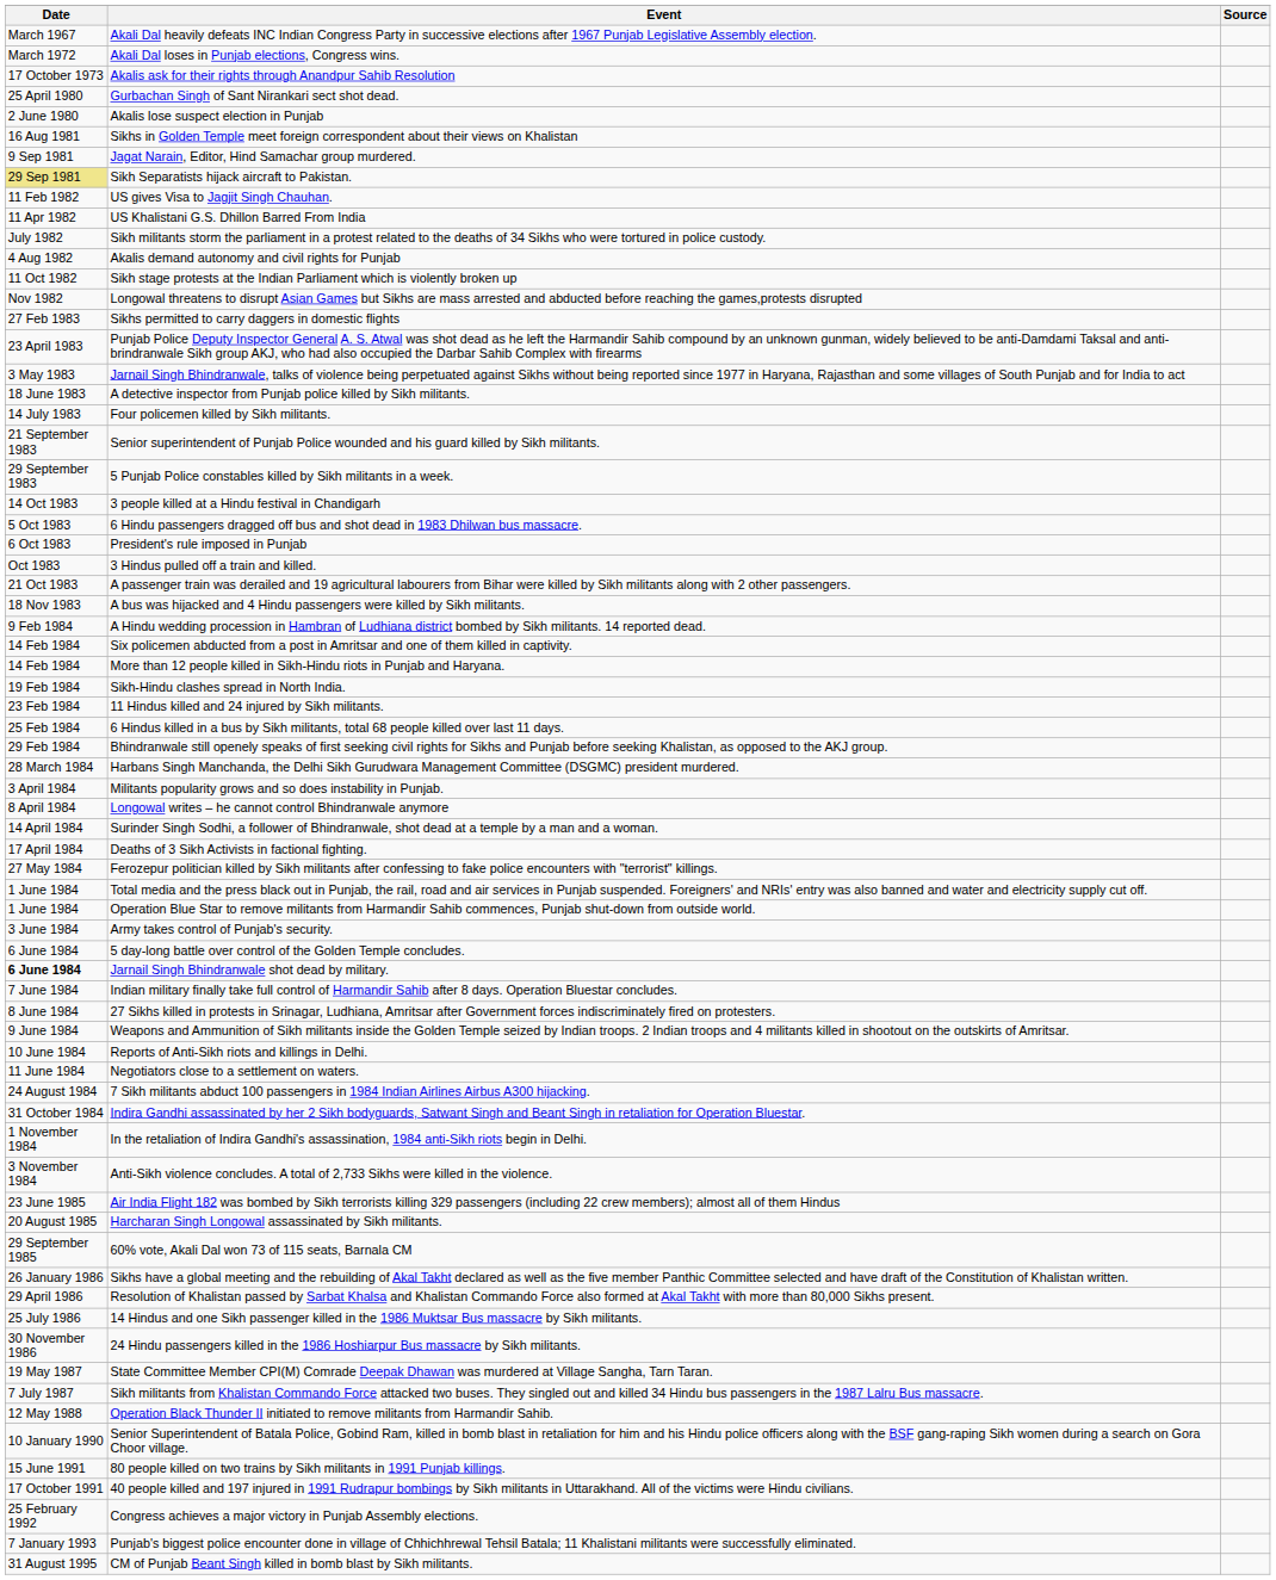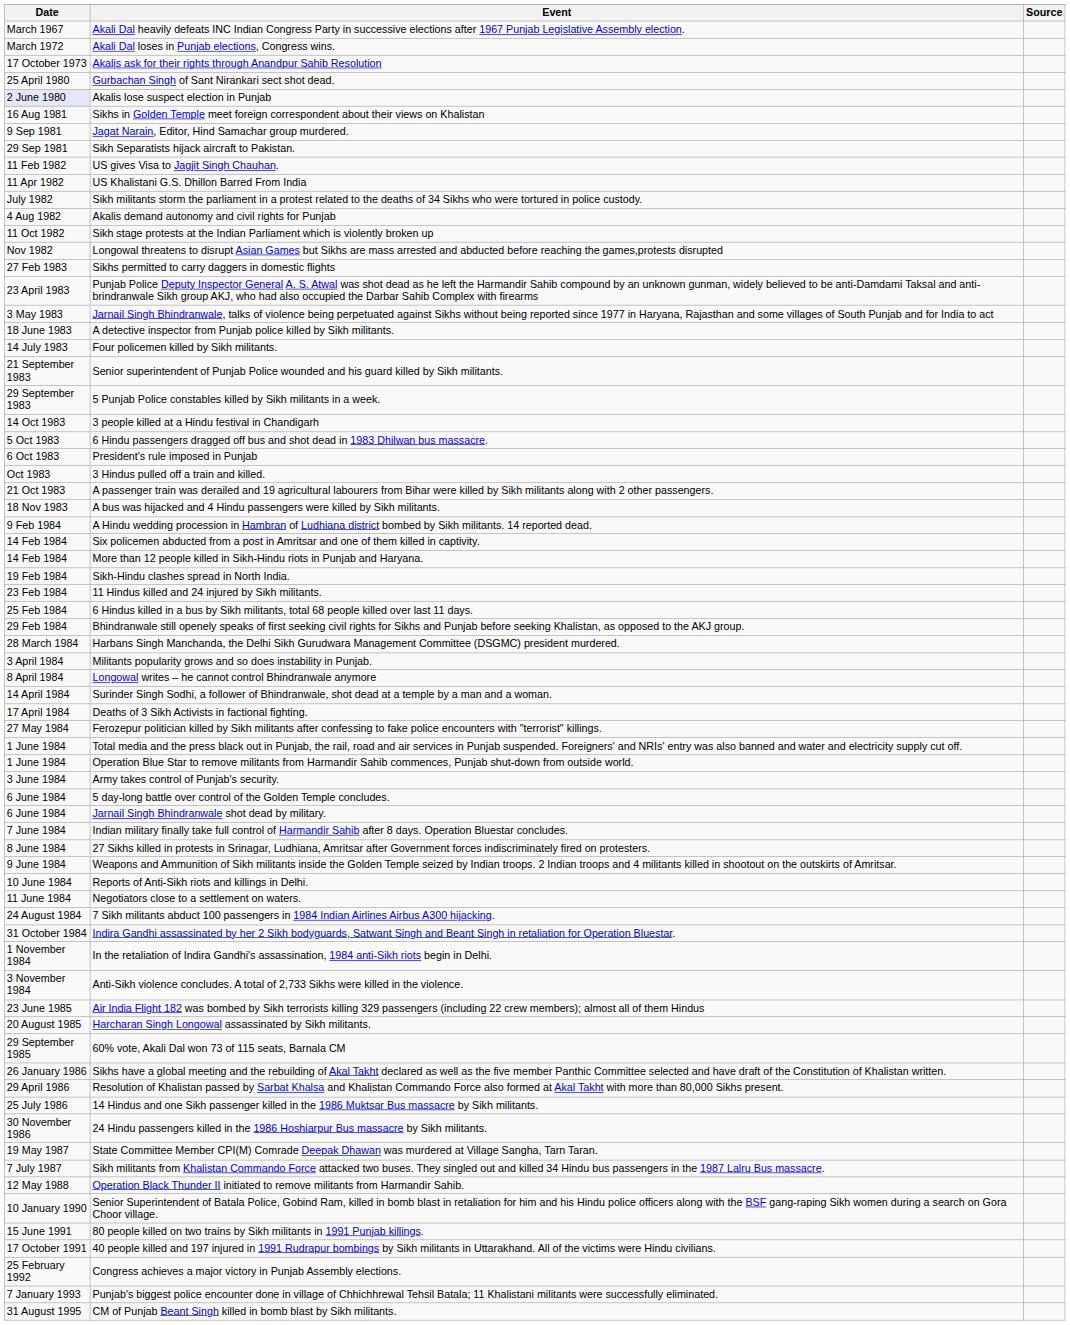 <table class="wikitable" style="margin: 1em auto 1em auto">
 <tr>
 </tr>
 <tr>
 <th>Date</th>
 <th>Event</th>
 <th>Source</th>
 </tr>
 <tr>
 <td>March 1967</td>
 <td><a href='#'>Akali Dal</a> heavily defeats INC Indian Congress Party in successive elections after <a href='#'>1967 Punjab Legislative Assembly election</a>.</td>
 <td></td>
 </tr>
 <tr>
 <td>March 1972</td>
 <td><a href='#'>Akali Dal</a> loses in <a href='#'>Punjab elections</a>, Congress wins.</td>
 <td></td>
 </tr>
 <tr>
 <td>17 October 1973</td>
 <td><a href='#'>Akalis ask for their rights through Anandpur Sahib Resolution</a></td>
 <td></td>
 </tr>
 <tr>
 <td>25 April 1980</td>
 <td><a href='#'>Gurbachan Singh</a> of Sant Nirankari sect shot dead.</td>
 <td></td>
 </tr>
 <tr>
-<td>2 June 1980</td>
+<td style="background: lavender;">2 June 1980</td>
 <td>Akalis lose suspect election in Punjab</td>
 <td></td>
 </tr>
 <tr>
 <td>16 Aug 1981</td>
 <td>Sikhs in <a href='#'>Golden Temple</a> meet foreign correspondent about their views on Khalistan</td>
 <td></td>
 </tr>
 <tr>
 <td>9 Sep 1981</td>
 <td><a href='#'>Jagat Narain</a>, Editor, Hind Samachar group murdered.</td>
 <td></td>
 </tr>
 <tr>
-<td style="background: khaki;">29 Sep 1981</td>
+<td>29 Sep 1981</td>
 <td>Sikh Separatists hijack aircraft to Pakistan.</td>
 <td></td>
 </tr>
 <tr>
 <td>11 Feb 1982</td>
 <td>US gives Visa to <a href='#'>Jagjit Singh Chauhan</a>.</td>
 <td></td>
 </tr>
 <tr>
 <td>11 Apr 1982</td>
 <td>US Khalistani G.S. Dhillon Barred From India</td>
 <td></td>
 </tr>
 <tr>
 <td>July 1982</td>
 <td>Sikh militants storm the parliament in a protest related to the deaths of 34 Sikhs who were tortured in police custody.</td>
 <td></td>
 </tr>
 <tr>
 <td>4 Aug 1982</td>
 <td>Akalis demand autonomy and civil rights for Punjab</td>
 <td></td>
 </tr>
 <tr>
 <td>11 Oct 1982</td>
 <td>Sikh stage protests at the Indian Parliament which is violently broken up</td>
 <td></td>
 </tr>
 <tr>
 <td>Nov 1982</td>
 <td>Longowal threatens to disrupt <a href='#'>Asian Games</a> but Sikhs are mass arrested and abducted before reaching the games,protests disrupted</td>
 <td></td>
 </tr>
 <tr>
 <td>27 Feb 1983</td>
 <td>Sikhs permitted to carry daggers in domestic flights</td>
 <td></td>
 </tr>
 <tr>
 <td>23 April 1983</td>
 <td>Punjab Police <a href='#'>Deputy Inspector General</a> <a href='#'>A. S. Atwal</a> was shot dead as he left the Harmandir Sahib compound by an unknown gunman, widely believed to be anti-Damdami Taksal and anti-brindranwale Sikh group AKJ, who had also occupied the Darbar Sahib Complex with firearms</td>
 <td></td>
 </tr>
 <tr>
 <td>3 May 1983</td>
 <td><a href='#'>Jarnail Singh Bhindranwale</a>, talks of violence being perpetuated against Sikhs without being reported since 1977 in Haryana, Rajasthan and some villages of South Punjab and for India to act</td>
 <td></td>
 </tr>
 <tr>
 <td>18 June 1983</td>
 <td>A detective inspector from Punjab police killed by Sikh militants.</td>
 <td></td>
 </tr>
 <tr>
 <td>14 July 1983</td>
 <td>Four policemen killed by Sikh militants.</td>
 <td></td>
 </tr>
 <tr>
 <td>21 September 1983</td>
 <td>Senior superintendent of Punjab Police wounded and his guard killed by Sikh militants.</td>
 <td></td>
 </tr>
 <tr>
 <td>29 September 1983</td>
 <td>5 Punjab Police constables killed by Sikh militants in a week.</td>
 <td></td>
 </tr>
 <tr>
 <td>14 Oct 1983</td>
 <td>3 people killed at a Hindu festival in Chandigarh</td>
 <td></td>
 </tr>
 <tr>
 <td>5 Oct 1983</td>
 <td>6 Hindu passengers dragged off bus and shot dead in <a href='#'>1983 Dhilwan bus massacre</a>.</td>
 <td></td>
 </tr>
 <tr>
 <td>6 Oct 1983</td>
 <td>President's rule imposed in Punjab</td>
 <td></td>
 </tr>
 <tr>
 <td>Oct 1983</td>
 <td>3 Hindus pulled off a train and killed.</td>
 <td></td>
 </tr>
 <tr>
 <td>21 Oct 1983</td>
 <td>A passenger train was derailed and 19 agricultural labourers from Bihar were killed by Sikh militants along with 2 other passengers.</td>
 <td></td>
 </tr>
 <tr>
 <td>18 Nov 1983</td>
 <td>A bus was hijacked and 4 Hindu passengers were killed by Sikh militants.</td>
 <td></td>
 </tr>
 <tr>
 <td>9 Feb 1984</td>
 <td>A Hindu wedding procession in <a href='#'>Hambran</a> of <a href='#'>Ludhiana district</a> bombed by Sikh militants. 14 reported dead.</td>
 <td></td>
 </tr>
 <tr>
 <td>14 Feb 1984</td>
 <td>Six policemen abducted from a post in Amritsar and one of them killed in captivity.</td>
 <td></td>
 </tr>
 <tr>
 <td>14 Feb 1984</td>
 <td>More than 12 people killed in Sikh-Hindu riots in Punjab and Haryana.</td>
 <td></td>
 </tr>
 <tr>
 <td>19 Feb 1984</td>
 <td>Sikh-Hindu clashes spread in North India.</td>
 <td></td>
 </tr>
 <tr>
 <td>23 Feb 1984</td>
 <td>11 Hindus killed and 24 injured by Sikh militants.</td>
 <td></td>
 </tr>
 <tr>
 <td>25 Feb 1984</td>
 <td>6 Hindus killed in a bus by Sikh militants, total 68 people killed over last 11 days.</td>
 <td></td>
 </tr>
 <tr>
 <td>29 Feb 1984</td>
 <td>Bhindranwale still openely speaks of first seeking civil rights for Sikhs and Punjab before seeking Khalistan, as opposed to the AKJ group.</td>
 <td></td>
 </tr>
 <tr>
 <td>28 March 1984</td>
 <td>Harbans Singh Manchanda, the Delhi Sikh Gurudwara Management Committee (DSGMC) president murdered.</td>
 <td></td>
 </tr>
 <tr>
 <td>3 April 1984</td>
 <td>Militants popularity grows and so does instability in Punjab.</td>
 <td></td>
 </tr>
 <tr>
 <td>8 April 1984</td>
 <td><a href='#'>Longowal</a> writes – he cannot control Bhindranwale anymore</td>
 <td></td>
 </tr>
 <tr>
 <td>14 April 1984</td>
 <td>Surinder Singh Sodhi, a follower of Bhindranwale, shot dead at a temple by a man and a woman.</td>
 <td></td>
 </tr>
 <tr>
 <td>17 April 1984</td>
 <td>Deaths of 3 Sikh Activists in factional fighting.</td>
 <td></td>
 </tr>
 <tr>
 <td>27 May 1984</td>
 <td>Ferozepur politician killed by Sikh militants after confessing to fake police encounters with "terrorist" killings.</td>
 <td></td>
 </tr>
 <tr>
 <td>1 June 1984</td>
 <td>Total media and the press black out in Punjab, the rail, road and air services in Punjab suspended. Foreigners' and NRIs' entry was also banned and water and electricity supply cut off.</td>
 <td></td>
 </tr>
 <tr>
 <td>1 June 1984</td>
 <td>Operation Blue Star to remove militants from Harmandir Sahib commences, Punjab shut-down from outside world.</td>
 <td></td>
 </tr>
 <tr>
 <td>3 June 1984</td>
 <td>Army takes control of Punjab's security.</td>
 <td></td>
 </tr>
 <tr>
 <td>6 June 1984</td>
 <td>5 day-long battle over control of the Golden Temple concludes.</td>
 <td></td>
 </tr>
 <tr>
-<td><strong>6 June 1984</strong></td>
+<td>6 June 1984</td>
 <td><a href='#'>Jarnail Singh Bhindranwale</a> shot dead by military.</td>
 <td></td>
 </tr>
 <tr>
 <td>7 June 1984</td>
 <td>Indian military finally take full control of <a href='#'>Harmandir Sahib</a> after 8 days. Operation Bluestar concludes.</td>
 <td></td>
 </tr>
 <tr>
 <td>8 June 1984</td>
 <td>27 Sikhs killed in protests in Srinagar, Ludhiana, Amritsar after Government forces indiscriminately fired on protesters.</td>
 <td></td>
 </tr>
 <tr>
 <td>9 June 1984</td>
 <td>Weapons and Ammunition of Sikh militants inside the Golden Temple seized by Indian troops. 2 Indian troops and 4 militants killed in shootout on the outskirts of Amritsar.</td>
 <td></td>
 </tr>
 <tr>
 <td>10 June 1984</td>
 <td>Reports of Anti-Sikh riots and killings in Delhi.</td>
 <td></td>
 </tr>
 <tr>
 <td>11 June 1984</td>
 <td>Negotiators close to a settlement on waters.</td>
 <td></td>
 </tr>
 <tr>
 <td>24 August 1984</td>
 <td>7 Sikh militants abduct 100 passengers in <a href='#'>1984 Indian Airlines Airbus A300 hijacking</a>.</td>
 <td></td>
 </tr>
 <tr>
 <td>31 October 1984</td>
 <td><a href='#'>Indira Gandhi assassinated by her 2 Sikh bodyguards, Satwant Singh and Beant Singh in retaliation for Operation Bluestar</a>.</td>
 <td></td>
 </tr>
 <tr>
 <td>1 November 1984</td>
 <td>In the retaliation of Indira Gandhi's assassination, <a href='#'>1984 anti-Sikh riots</a> begin in Delhi.</td>
 <td></td>
 </tr>
 <tr>
 <td>3 November 1984</td>
 <td>Anti-Sikh violence concludes. A total of 2,733 Sikhs were killed in the violence.</td>
 <td></td>
 </tr>
 <tr>
 <td>23 June 1985</td>
 <td><a href='#'>Air India Flight 182</a> was bombed by Sikh terrorists killing 329 passengers (including 22 crew members); almost all of them Hindus</td>
 <td></td>
 </tr>
 <tr>
 <td>20 August 1985</td>
 <td><a href='#'>Harcharan Singh Longowal</a> assassinated by Sikh militants.</td>
 <td></td>
 </tr>
 <tr>
 <td>29 September 1985</td>
 <td>60% vote, Akali Dal won 73 of 115 seats, Barnala CM</td>
 <td></td>
 </tr>
 <tr>
 <td>26 January 1986</td>
 <td>Sikhs have a global meeting and the rebuilding of <a href='#'>Akal Takht</a> declared as well as the five member Panthic Committee selected and have draft of the Constitution of Khalistan written.</td>
 <td></td>
 </tr>
 <tr>
 <td>29 April 1986</td>
 <td>Resolution of Khalistan passed by <a href='#'>Sarbat Khalsa</a> and Khalistan Commando Force also formed at <a href='#'>Akal Takht</a> with more than 80,000 Sikhs present.</td>
 <td></td>
 </tr>
 <tr>
 <td>25 July 1986</td>
 <td>14 Hindus and one Sikh passenger killed in the <a href='#'>1986 Muktsar Bus massacre</a> by Sikh militants.</td>
 <td></td>
 </tr>
 <tr>
 <td>30 November 1986</td>
 <td>24 Hindu passengers killed in the <a href='#'>1986 Hoshiarpur Bus massacre</a> by Sikh militants.</td>
 <td></td>
 </tr>
 <tr>
 <td>19 May 1987</td>
 <td>State Committee Member CPI(M) Comrade <a href='#'>Deepak Dhawan</a> was murdered at Village Sangha, Tarn Taran.</td>
 <td></td>
 </tr>
 <tr>
 <td>7 July 1987</td>
 <td>Sikh militants from <a href='#'>Khalistan Commando Force</a> attacked two buses. They singled out and killed 34 Hindu bus passengers in the <a href='#'>1987 Lalru Bus massacre</a>.</td>
 <td></td>
 </tr>
 <tr>
 <td>12 May 1988</td>
 <td><a href='#'>Operation Black Thunder II</a> initiated to remove militants from Harmandir Sahib.</td>
 <td></td>
 </tr>
 <tr>
 <td>10 January 1990</td>
 <td>Senior Superintendent of Batala Police, Gobind Ram, killed in bomb blast in retaliation for him and his Hindu police officers along with the <a href='#'>BSF</a> gang-raping Sikh women during a search on Gora Choor village.</td>
 <td></td>
 </tr>
 <tr>
 <td>15 June 1991</td>
 <td>80 people killed on two trains by Sikh militants in <a href='#'>1991 Punjab killings</a>.</td>
 <td></td>
 </tr>
 <tr>
 <td>17 October 1991</td>
 <td>40 people killed and 197 injured in <a href='#'>1991 Rudrapur bombings</a> by Sikh militants in Uttarakhand. All of the victims were Hindu civilians.</td>
 <td></td>
 </tr>
 <tr>
 <td>25 February 1992</td>
 <td>Congress achieves a major victory in Punjab Assembly elections.</td>
 <td></td>
 </tr>
 <tr>
 <td>7 January 1993</td>
 <td>Punjab's biggest police encounter done in village of Chhichhrewal Tehsil Batala; 11 Khalistani militants were successfully eliminated.</td>
 <td></td>
 </tr>
 <tr>
 <td>31 August 1995</td>
 <td>CM of Punjab <a href='#'>Beant Singh</a> killed in bomb blast by Sikh militants.</td>
 <td></td>
 </tr>
 </table>
